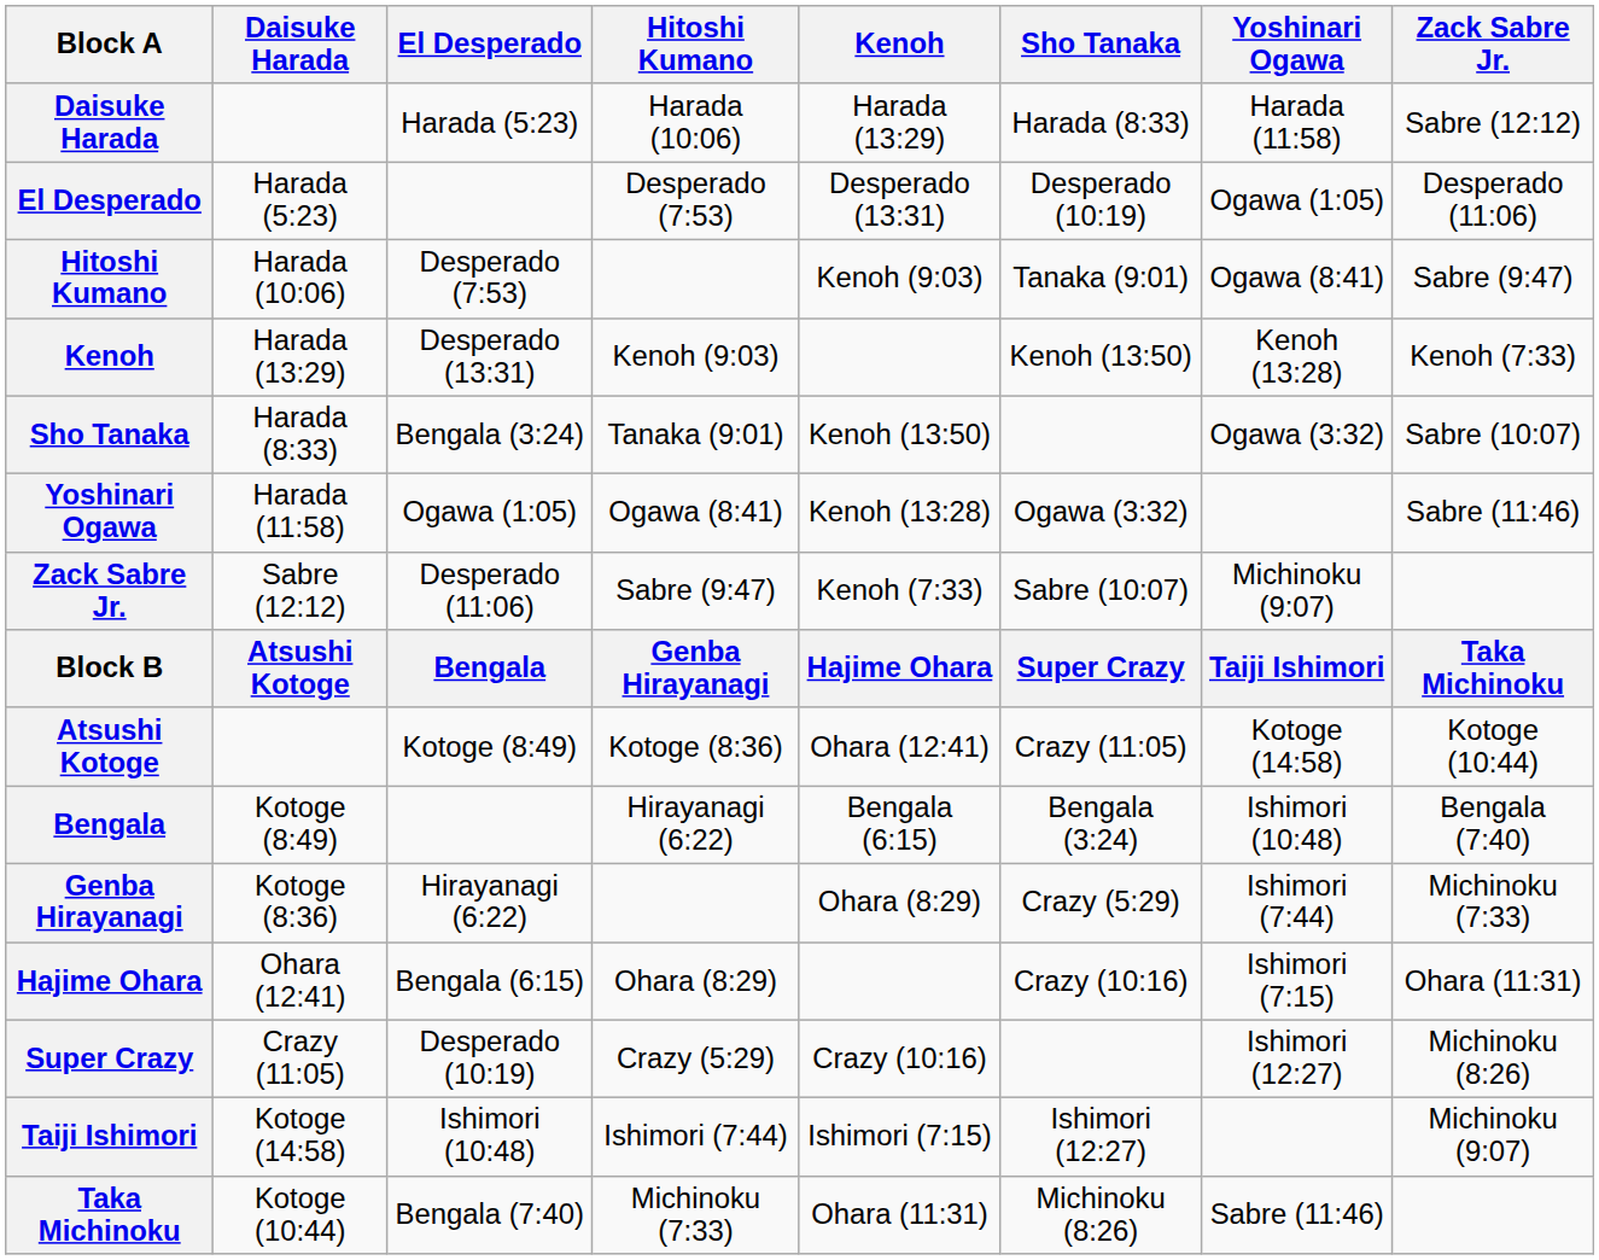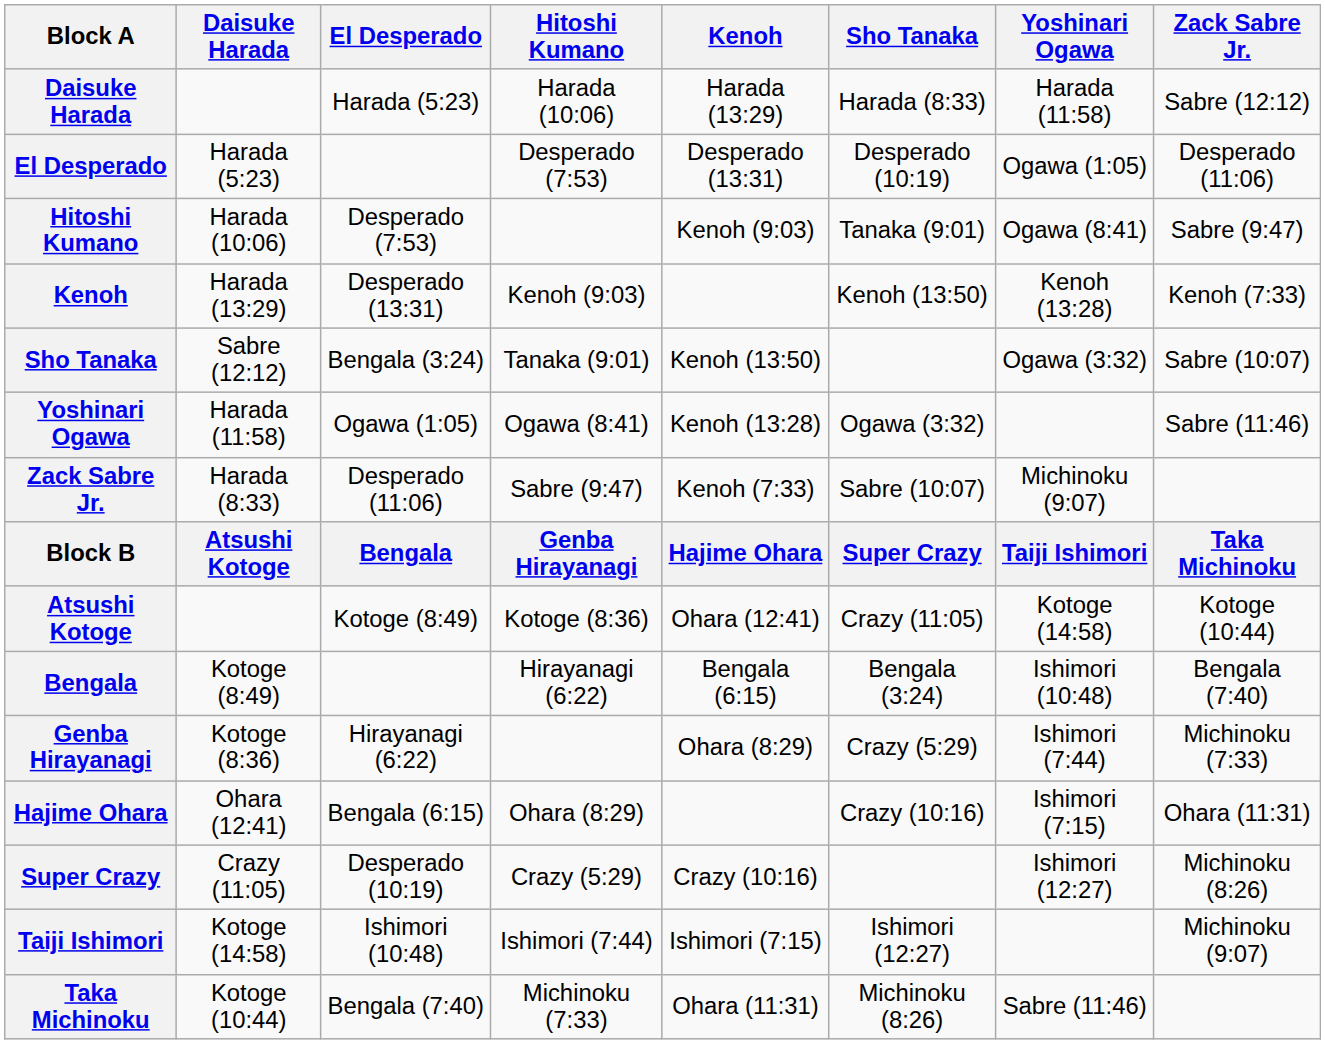 <table class="wikitable" style="margin: 1em auto 1em auto">
 <tr>
 <th>Block A</th>
 <th><a href='#'>Daisuke Harada</a></th>
 <th><a href='#'>El Desperado</a></th>
 <th><a href='#'>Hitoshi Kumano</a></th>
 <th><a href='#'>Kenoh</a></th>
 <th><a href='#'>Sho Tanaka</a></th>
 <th><a href='#'>Yoshinari Ogawa</a></th>
 <th><a href='#'>Zack Sabre Jr.</a></th>
 </tr>
 <tr align="center">
 <th><a href='#'>Daisuke Harada</a></th>
 <td></td>
 <td>Harada (5:23)</td>
 <td>Harada (10:06)</td>
 <td>Harada (13:29)</td>
 <td>Harada (8:33)</td>
 <td>Harada (11:58)</td>
 <td>Sabre (12:12)</td>
 </tr>
 <tr align="center">
 <th><a href='#'>El Desperado</a></th>
 <td>Harada (5:23)</td>
 <td></td>
 <td>Desperado (7:53)</td>
 <td>Desperado (13:31)</td>
 <td>Desperado (10:19)</td>
 <td>Ogawa (1:05)</td>
 <td>Desperado (11:06)</td>
 </tr>
 <tr align="center">
 <th><a href='#'>Hitoshi Kumano</a></th>
 <td>Harada (10:06)</td>
 <td>Desperado (7:53)</td>
 <td></td>
 <td>Kenoh (9:03)</td>
 <td>Tanaka (9:01)</td>
 <td>Ogawa (8:41)</td>
 <td>Sabre (9:47)</td>
 </tr>
 <tr align="center">
 <th><a href='#'>Kenoh</a></th>
 <td>Harada (13:29)</td>
 <td>Desperado (13:31)</td>
 <td>Kenoh (9:03)</td>
 <td></td>
 <td>Kenoh (13:50)</td>
 <td>Kenoh (13:28)</td>
 <td>Kenoh (7:33)</td>
 </tr>
 <tr align="center">
 <th><a href='#'>Sho Tanaka</a></th>
-<td>Harada (8:33)</td>
+<td>Sabre (12:12)</td>
 <td>Bengala (3:24)</td>
 <td>Tanaka (9:01)</td>
 <td>Kenoh (13:50)</td>
 <td></td>
 <td>Ogawa (3:32)</td>
 <td>Sabre (10:07)</td>
 </tr>
 <tr align="center">
 <th><a href='#'>Yoshinari Ogawa</a></th>
 <td>Harada (11:58)</td>
 <td>Ogawa (1:05)</td>
 <td>Ogawa (8:41)</td>
 <td>Kenoh (13:28)</td>
 <td>Ogawa (3:32)</td>
 <td></td>
 <td>Sabre (11:46)</td>
 </tr>
 <tr align="center">
 <th><a href='#'>Zack Sabre Jr.</a></th>
-<td>Sabre (12:12)</td>
+<td>Harada (8:33)</td>
 <td>Desperado (11:06)</td>
 <td>Sabre (9:47)</td>
 <td>Kenoh (7:33)</td>
 <td>Sabre (10:07)</td>
 <td>Michinoku (9:07)</td>
 <td></td>
 </tr>
 <tr align="center">
 <th>Block B</th>
 <th><a href='#'>Atsushi Kotoge</a></th>
 <th><a href='#'>Bengala</a></th>
 <th><a href='#'>Genba Hirayanagi</a></th>
 <th><a href='#'>Hajime Ohara</a></th>
 <th><a href='#'>Super Crazy</a></th>
 <th><a href='#'>Taiji Ishimori</a></th>
 <th><a href='#'>Taka Michinoku</a></th>
 </tr>
 <tr align="center">
 <th><a href='#'>Atsushi Kotoge</a></th>
 <td></td>
 <td>Kotoge (8:49)</td>
 <td>Kotoge (8:36)</td>
 <td>Ohara (12:41)</td>
 <td>Crazy (11:05)</td>
 <td>Kotoge (14:58)</td>
 <td>Kotoge (10:44)</td>
 </tr>
 <tr align="center">
 <th><a href='#'>Bengala</a></th>
 <td>Kotoge (8:49)</td>
 <td></td>
 <td>Hirayanagi (6:22)</td>
 <td>Bengala (6:15)</td>
 <td>Bengala (3:24)</td>
 <td>Ishimori (10:48)</td>
 <td>Bengala (7:40)</td>
 </tr>
 <tr align="center">
 <th><a href='#'>Genba Hirayanagi</a></th>
 <td>Kotoge (8:36)</td>
 <td>Hirayanagi (6:22)</td>
 <td></td>
 <td>Ohara (8:29)</td>
 <td>Crazy (5:29)</td>
 <td>Ishimori (7:44)</td>
 <td>Michinoku (7:33)</td>
 </tr>
 <tr align="center">
 <th><a href='#'>Hajime Ohara</a></th>
 <td>Ohara (12:41)</td>
 <td>Bengala (6:15)</td>
 <td>Ohara (8:29)</td>
 <td></td>
 <td>Crazy (10:16)</td>
 <td>Ishimori (7:15)</td>
 <td>Ohara (11:31)</td>
 </tr>
 <tr align="center">
 <th><a href='#'>Super Crazy</a></th>
 <td>Crazy (11:05)</td>
 <td>Desperado (10:19)</td>
 <td>Crazy (5:29)</td>
 <td>Crazy (10:16)</td>
 <td></td>
 <td>Ishimori (12:27)</td>
 <td>Michinoku (8:26)</td>
 </tr>
 <tr align="center">
 <th><a href='#'>Taiji Ishimori</a></th>
 <td>Kotoge (14:58)</td>
 <td>Ishimori (10:48)</td>
 <td>Ishimori (7:44)</td>
 <td>Ishimori (7:15)</td>
 <td>Ishimori (12:27)</td>
 <td></td>
 <td>Michinoku (9:07)</td>
 </tr>
 <tr align="center">
 <th><a href='#'>Taka Michinoku</a></th>
 <td>Kotoge (10:44)</td>
 <td>Bengala (7:40)</td>
 <td>Michinoku (7:33)</td>
 <td>Ohara (11:31)</td>
 <td>Michinoku (8:26)</td>
 <td>Sabre (11:46)</td>
 <td></td>
 </tr>
 </table>
